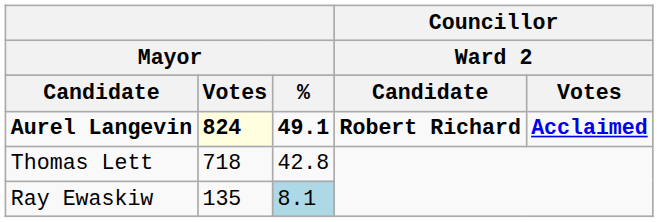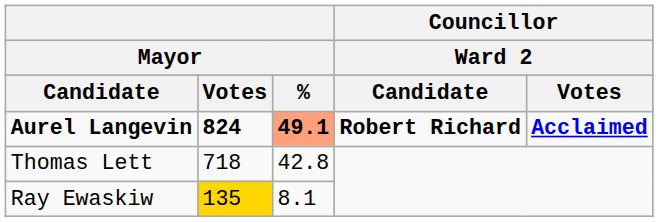 <table class="wikitable collapsible collapsed" align="right">
 <tr>
 <th colspan=3></th>
 <th colspan=3>Councillor</th>
 </tr>
 <tr>
 <th colspan=3>Mayor</th>
 <th colspan=2>Ward 2</th>
 </tr>
 <tr>
 <th>Candidate</th>
 <th>Votes</th>
 <th>%</th>
 <th>Candidate</th>
 <th>Votes</th>
 </tr>
 <tr>
 <td><strong>Aurel Langevin</strong></td>
-<td style="background: lightyellow;"><strong>824</strong></td>
-<td><strong>49.1</strong></td>
+<td><strong>824</strong></td>
+<td style="background: lightsalmon;"><strong>49.1</strong></td>
 <td><strong>Robert Richard</strong></td>
 <td><strong><a href='#'>Acclaimed</a></strong></td>
 </tr>
 <tr>
 <td>Thomas Lett</td>
 <td>718</td>
 <td>42.8</td>
 <td colspan=2 rowspan=2></td>
 </tr>
 <tr>
 <td>Ray Ewaskiw</td>
-<td>135</td>
-<td style="background: lightblue;">8.1</td>
+<td style="background: gold;">135</td>
+<td>8.1</td>
 </tr>
 </table>
